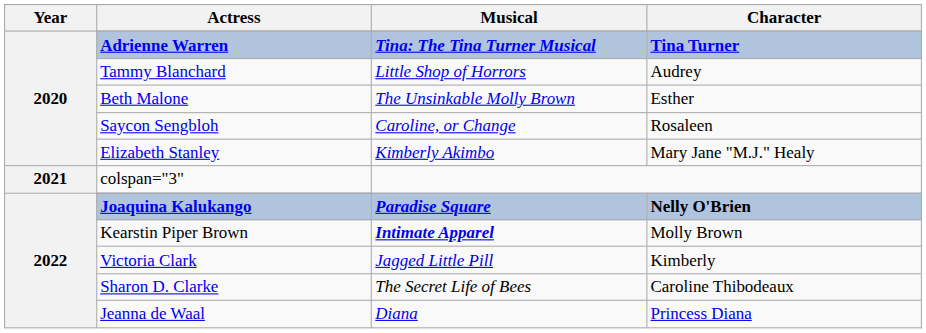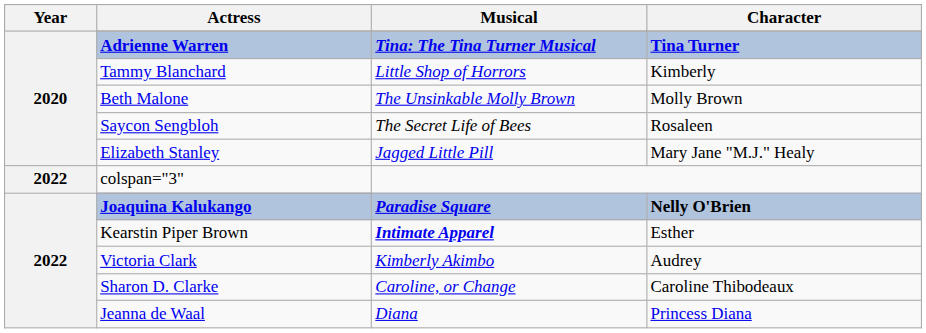 <table class="wikitable" style="width:98%;">
 <tr style="background:#bebebe;">
 <th style="width:10%;">Year</th>
 <th style="width:30%;">Actress</th>
 <th style="width:30%;">Musical</th>
 <th style="width:30%;">Character</th>
 </tr>
 <tr>
 <th rowspan="6">2020</th>
 </tr>
 <tr style="background:#B0C4DE;">
 <td><strong><a href='#'>Adrienne Warren</a></strong></td>
 <td><strong><em><a href='#'>Tina: The Tina Turner Musical</a></em></strong></td>
 <td><strong><a href='#'>Tina Turner</a></strong></td>
 </tr>
 <tr>
 <td><a href='#'>Tammy Blanchard</a></td>
 <td><em><a href='#'>Little Shop of Horrors</a></em></td>
-<td>Audrey</td>
+<td>Kimberly</td>
 </tr>
 <tr>
 <td><a href='#'>Beth Malone</a></td>
 <td><em><a href='#'>The Unsinkable Molly Brown</a></em></td>
-<td>Esther</td>
+<td>Molly Brown</td>
 </tr>
 <tr>
 <td><a href='#'>Saycon Sengbloh</a></td>
-<td><em><a href='#'>Caroline, or Change</a></em></td>
+<td><em>The Secret Life of Bees</em></td>
 <td>Rosaleen</td>
 </tr>
 <tr>
 <td><a href='#'>Elizabeth Stanley</a></td>
-<td><em><a href='#'>Kimberly Akimbo</a></em></td>
+<td><em><a href='#'>Jagged Little Pill</a></em></td>
 <td>Mary Jane "M.J." Healy</td>
 </tr>
 <tr>
-<th>2021</th>
+<th>2022</th>
 <td>colspan="3" </td>
 </tr>
 <tr>
 <th rowspan="6">2022</th>
 </tr>
 <tr style="background:#B0C4DE;">
 <td><strong><a href='#'>Joaquina Kalukango</a></strong></td>
 <td><strong><em><a href='#'>Paradise Square</a></em></strong></td>
 <td><strong>Nelly O'Brien</strong></td>
 </tr>
 <tr>
 <td>Kearstin Piper Brown</td>
 <td><strong><em><a href='#'>Intimate Apparel</a></em></strong></td>
-<td>Molly Brown</td>
+<td>Esther</td>
 </tr>
 <tr>
 <td><a href='#'>Victoria Clark</a></td>
-<td><em><a href='#'>Jagged Little Pill</a></em></td>
-<td>Kimberly</td>
+<td><em><a href='#'>Kimberly Akimbo</a></em></td>
+<td>Audrey</td>
 </tr>
 <tr>
 <td><a href='#'>Sharon D. Clarke</a></td>
-<td><em>The Secret Life of Bees</em></td>
+<td><em><a href='#'>Caroline, or Change</a></em></td>
 <td>Caroline Thibodeaux</td>
 </tr>
 <tr>
 <td><a href='#'>Jeanna de Waal</a></td>
 <td><em><a href='#'>Diana</a></em></td>
 <td><a href='#'>Princess Diana</a></td>
 </tr>
 </table>
